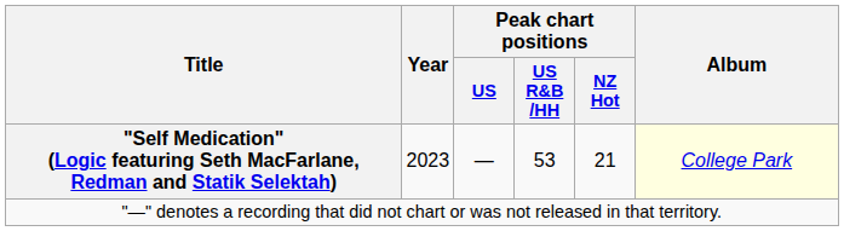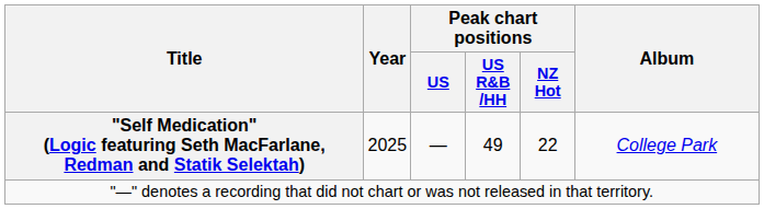 <table class="wikitable plainrowheaders" style="text-align:center;">
 <tr>
 <th scope="col" rowspan="2" style="width:20em;">Title</th>
 <th scope="col" rowspan="2" style="width:1em;">Year</th>
 <th scope="col" colspan="3">Peak chart positions</th>
 <th scope="col" rowspan="2" style="width:10em;">Album</th>
 </tr>
 <tr>
 <th scope="col" style="width:3em;font-size:90%;"><a href='#'>US</a><br></th>
 <th scope="col" style="width:3em;font-size:90%;"><a href='#'>US<br>R&B<br>/HH</a><br></th>
 <th scope="col" style="width:3em;font-size:90%;"><a href='#'>NZ<br>Hot</a><br></th>
 </tr>
 <tr>
 <th scope="row">"Self Medication"<br><span>(<a href='#'>Logic</a> featuring Seth MacFarlane, <a href='#'>Redman</a> and <a href='#'>Statik Selektah</a>)</span></th>
-<td>2023</td>
+<td>2025</td>
 <td>—</td>
-<td>53</td>
-<td>21</td>
-<td style="background: lightyellow;"><em><a href='#'>College Park</a></em></td>
+<td>49</td>
+<td>22</td>
+<td><em><a href='#'>College Park</a></em></td>
 </tr>
 <tr>
 <td colspan="15" style="font-size:90%">"—" denotes a recording that did not chart or was not released in that territory.</td>
 </tr>
 </table>
